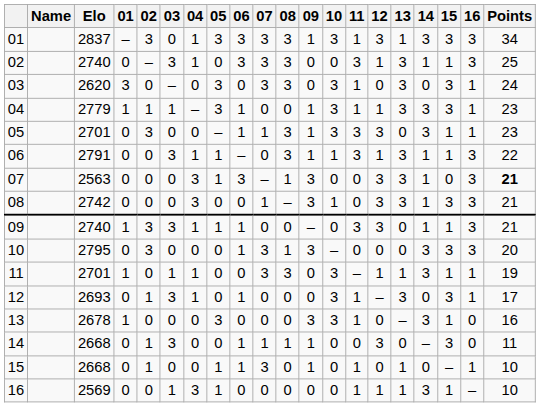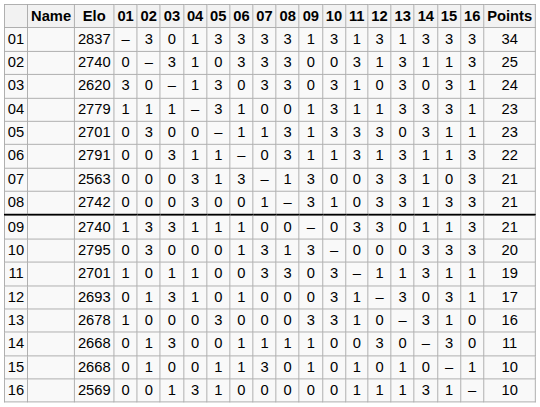 <table class="wikitable" style="text-align:center">
 <tr>
 <th></th>
 <th>Name</th>
 <th>Elo</th>
 <th>01</th>
 <th>02</th>
 <th>03</th>
 <th>04</th>
 <th>05</th>
 <th>06</th>
 <th>07</th>
 <th>08</th>
 <th>09</th>
 <th>10</th>
 <th>11</th>
 <th>12</th>
 <th>13</th>
 <th>14</th>
 <th>15</th>
 <th>16</th>
 <th>Points</th>
 </tr>
 <tr>
 <td>01</td>
 <td style="text-align:left;" data-sort-value="Carlsen"></td>
 <td>2837</td>
 <td>–</td>
 <td>3</td>
 <td>0</td>
 <td>1</td>
 <td>3</td>
 <td>3</td>
 <td>3</td>
 <td>3</td>
 <td>1</td>
 <td>3</td>
 <td>1</td>
 <td>3</td>
 <td>1</td>
 <td>3</td>
 <td>3</td>
 <td>3</td>
 <td>34</td>
 </tr>
 <tr>
 <td>02</td>
 <td style="text-align:left;" data-sort-value="Erigaisi"></td>
 <td>2740</td>
 <td>0</td>
 <td>–</td>
 <td>3</td>
 <td>1</td>
 <td>0</td>
 <td>3</td>
 <td>3</td>
 <td>3</td>
 <td>0</td>
 <td>0</td>
 <td>3</td>
 <td>1</td>
 <td>3</td>
 <td>1</td>
 <td>1</td>
 <td>3</td>
 <td>25</td>
 </tr>
 <tr>
 <td>03</td>
 <td style="text-align:left;" data-sort-value="Niemann"></td>
 <td>2620</td>
 <td>3</td>
 <td>0</td>
 <td>–</td>
-<td>0</td>
+<td>1</td>
 <td>3</td>
 <td>0</td>
 <td>3</td>
 <td>3</td>
 <td>0</td>
 <td>3</td>
 <td>1</td>
 <td>0</td>
 <td>3</td>
 <td>0</td>
 <td>3</td>
 <td>1</td>
 <td>24</td>
 </tr>
 <tr>
 <td>04</td>
 <td style="text-align:left;" data-sort-value="Praggnanandhaa"></td>
 <td>2779</td>
 <td>1</td>
 <td>1</td>
 <td>1</td>
 <td>–</td>
 <td>3</td>
 <td>1</td>
 <td>0</td>
 <td>0</td>
 <td>1</td>
 <td>3</td>
 <td>1</td>
 <td>1</td>
 <td>3</td>
 <td>3</td>
 <td>3</td>
 <td>1</td>
 <td>23</td>
 </tr>
 <tr>
 <td>05</td>
 <td style="text-align:left;" data-sort-value="Keymer"></td>
 <td>2701</td>
 <td>0</td>
 <td>3</td>
 <td>0</td>
 <td>0</td>
 <td>–</td>
 <td>1</td>
 <td>1</td>
 <td>3</td>
 <td>1</td>
 <td>3</td>
 <td>3</td>
 <td>3</td>
 <td>0</td>
 <td>3</td>
 <td>1</td>
 <td>1</td>
 <td>23</td>
 </tr>
 <tr>
 <td>06</td>
 <td style="text-align:left;" data-sort-value="Lê"></td>
 <td>2791</td>
 <td>0</td>
 <td>0</td>
 <td>3</td>
 <td>1</td>
 <td>1</td>
 <td>–</td>
 <td>0</td>
 <td>3</td>
 <td>1</td>
 <td>1</td>
 <td>3</td>
 <td>1</td>
 <td>3</td>
 <td>1</td>
 <td>1</td>
 <td>3</td>
 <td>22</td>
 </tr>
 <tr>
 <td>07</td>
 <td style="text-align:left;" data-sort-value="Yoo"></td>
 <td>2563</td>
 <td>0</td>
 <td>0</td>
 <td>0</td>
 <td>3</td>
 <td>1</td>
 <td>3</td>
 <td>–</td>
 <td>1</td>
 <td>3</td>
 <td>0</td>
 <td>0</td>
 <td>3</td>
 <td>3</td>
 <td>1</td>
 <td>0</td>
 <td>3</td>
-<td><strong>21</strong></td>
+<td>21</td>
 </tr>
 <tr>
 <td>08</td>
 <td style="text-align:left;" data-sort-value="Aronain"></td>
 <td>2742</td>
 <td>0</td>
 <td>0</td>
 <td>0</td>
 <td>3</td>
 <td>0</td>
 <td>0</td>
 <td>1</td>
 <td>–</td>
 <td>3</td>
 <td>1</td>
 <td>0</td>
 <td>3</td>
 <td>3</td>
 <td>1</td>
 <td>3</td>
 <td>3</td>
 <td>21</td>
 </tr>
 <tr>
 <td style="border-top: 2px solid #000000;">09</td>
 <td style="text-align:left; border-top: 2px solid #000000;" data-sort-value="Giri"></td>
 <td style="border-top: 2px solid #000000;">2740</td>
 <td style="border-top: 2px solid #000000;">1</td>
 <td style="border-top: 2px solid #000000;">3</td>
 <td style="border-top: 2px solid #000000;">3</td>
 <td style="border-top: 2px solid #000000;">1</td>
 <td style="border-top: 2px solid #000000;">1</td>
 <td style="border-top: 2px solid #000000;">1</td>
 <td style="border-top: 2px solid #000000;">0</td>
 <td style="border-top: 2px solid #000000;">0</td>
 <td style="border-top: 2px solid #000000;">–</td>
 <td style="border-top: 2px solid #000000;">0</td>
 <td style="border-top: 2px solid #000000;">3</td>
 <td style="border-top: 2px solid #000000;">3</td>
 <td style="border-top: 2px solid #000000;">0</td>
 <td style="border-top: 2px solid #000000;">1</td>
 <td style="border-top: 2px solid #000000;">1</td>
 <td style="border-top: 2px solid #000000;">3</td>
 <td style="border-top: 2px solid #000000;">21</td>
 </tr>
 <tr>
 <td>10</td>
 <td style="text-align:left;" data-sort-value="Duda"></td>
 <td>2795</td>
 <td>0</td>
 <td>3</td>
 <td>0</td>
 <td>0</td>
 <td>0</td>
 <td>1</td>
 <td>3</td>
 <td>1</td>
 <td>3</td>
 <td>–</td>
 <td>0</td>
 <td>0</td>
 <td>0</td>
 <td>3</td>
 <td>3</td>
 <td>3</td>
 <td>20</td>
 </tr>
 <tr>
 <td>11</td>
 <td style="text-align:left;" data-sort-value="Navara"></td>
 <td>2701</td>
 <td>1</td>
 <td>0</td>
 <td>1</td>
 <td>1</td>
 <td>0</td>
 <td>0</td>
 <td>3</td>
 <td>3</td>
 <td>0</td>
 <td>3</td>
 <td>–</td>
 <td>1</td>
 <td>1</td>
 <td>3</td>
 <td>1</td>
 <td>1</td>
 <td>19</td>
 </tr>
 <tr>
 <td>12</td>
 <td style="text-align:left;" data-sort-value="Wojtaszek"></td>
 <td>2693</td>
 <td>0</td>
 <td>1</td>
 <td>3</td>
 <td>1</td>
 <td>0</td>
 <td>1</td>
 <td>0</td>
 <td>0</td>
 <td>0</td>
 <td>3</td>
 <td>1</td>
 <td>–</td>
 <td>3</td>
 <td>0</td>
 <td>3</td>
 <td>1</td>
 <td>17</td>
 </tr>
 <tr>
 <td>13</td>
 <td style="text-align:left;" data-sort-value="Ivanchuk"></td>
 <td>2678</td>
 <td>1</td>
 <td>0</td>
 <td>0</td>
 <td>0</td>
 <td>3</td>
 <td>0</td>
 <td>0</td>
 <td>0</td>
 <td>3</td>
 <td>3</td>
 <td>1</td>
 <td>0</td>
 <td>–</td>
 <td>3</td>
 <td>1</td>
 <td>0</td>
 <td>16</td>
 </tr>
 <tr>
 <td>14</td>
 <td style="text-align:left;" data-sort-value="Ivan Šarić (chess player)"></td>
 <td>2668</td>
 <td>0</td>
 <td>1</td>
 <td>3</td>
 <td>0</td>
 <td>0</td>
 <td>1</td>
 <td>1</td>
 <td>1</td>
 <td>1</td>
 <td>0</td>
 <td>0</td>
 <td>3</td>
 <td>0</td>
 <td>–</td>
 <td>3</td>
 <td>0</td>
 <td>11</td>
 </tr>
 <tr>
 <td>15</td>
 <td style="text-align:left;" data-sort-value="Gelfand"></td>
 <td>2668</td>
 <td>0</td>
 <td>1</td>
 <td>0</td>
 <td>0</td>
 <td>1</td>
 <td>1</td>
 <td>3</td>
 <td>0</td>
 <td>1</td>
 <td>0</td>
 <td>1</td>
 <td>0</td>
 <td>1</td>
 <td>0</td>
 <td>–</td>
 <td>1</td>
 <td>10</td>
 </tr>
 <tr>
 <td>16</td>
 <td style="text-align:left;" data-sort-value="Baskaran"></td>
 <td>2569</td>
 <td>0</td>
 <td>0</td>
 <td>1</td>
 <td>3</td>
 <td>1</td>
 <td>0</td>
 <td>0</td>
 <td>0</td>
 <td>0</td>
 <td>0</td>
 <td>1</td>
 <td>1</td>
 <td>1</td>
 <td>3</td>
 <td>1</td>
 <td>–</td>
 <td>10</td>
 </tr>
 </table>
